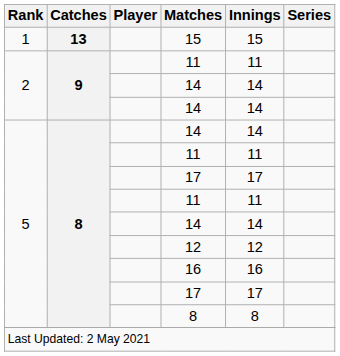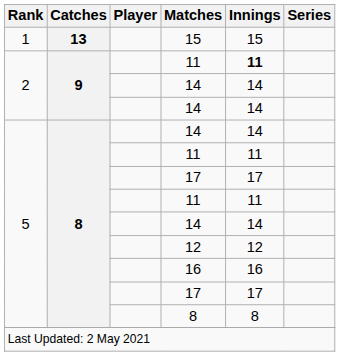 <table class="wikitable">
 <tr>
 <th>Rank</th>
 <th>Catches</th>
 <th>Player</th>
 <th>Matches</th>
 <th>Innings</th>
 <th>Series</th>
 </tr>
 <tr>
 <td align=center>1</td>
 <th scope=row style=text-align:center;>13</th>
 <td></td>
 <td align=center>15</td>
 <td align=center>15</td>
 <td></td>
 </tr>
 <tr>
 <td align=center rowspan=3>2</td>
 <th scope=row style=text-align:center; rowspan=3>9</th>
 <td></td>
 <td align=center>11</td>
-<td align=center>11</td>
+<td align=center><strong>11</strong></td>
 <td></td>
 </tr>
 <tr>
 <td></td>
 <td align=center>14</td>
 <td align=center>14</td>
 <td></td>
 </tr>
 <tr>
 <td></td>
 <td align=center>14</td>
 <td align=center>14</td>
 <td></td>
 </tr>
 <tr>
 <td align=center rowspan=9>5</td>
 <th scope=row style=text-align:center; rowspan=9>8</th>
 <td></td>
 <td align=center>14</td>
 <td align=center>14</td>
 <td></td>
 </tr>
 <tr>
 <td></td>
 <td align=center>11</td>
 <td align=center>11</td>
 <td></td>
 </tr>
 <tr>
 <td></td>
 <td align=center>17</td>
 <td align=center>17</td>
 <td></td>
 </tr>
 <tr>
 <td></td>
 <td align=center>11</td>
 <td align=center>11</td>
 <td></td>
 </tr>
 <tr>
 <td></td>
 <td align=center>14</td>
 <td align=center>14</td>
 <td></td>
 </tr>
 <tr>
 <td></td>
 <td align=center>12</td>
 <td align=center>12</td>
 <td></td>
 </tr>
 <tr>
 <td></td>
 <td align=center>16</td>
 <td align=center>16</td>
 <td></td>
 </tr>
 <tr>
 <td></td>
 <td align=center>17</td>
 <td align=center>17</td>
 <td></td>
 </tr>
 <tr>
 <td></td>
 <td align=center>8</td>
 <td align=center>8</td>
 <td></td>
 </tr>
 <tr>
 </tr>
 <tr class=sortbottom>
 <td colspan=6><small>Last Updated: 2 May 2021</small></td>
 </tr>
 </table>
